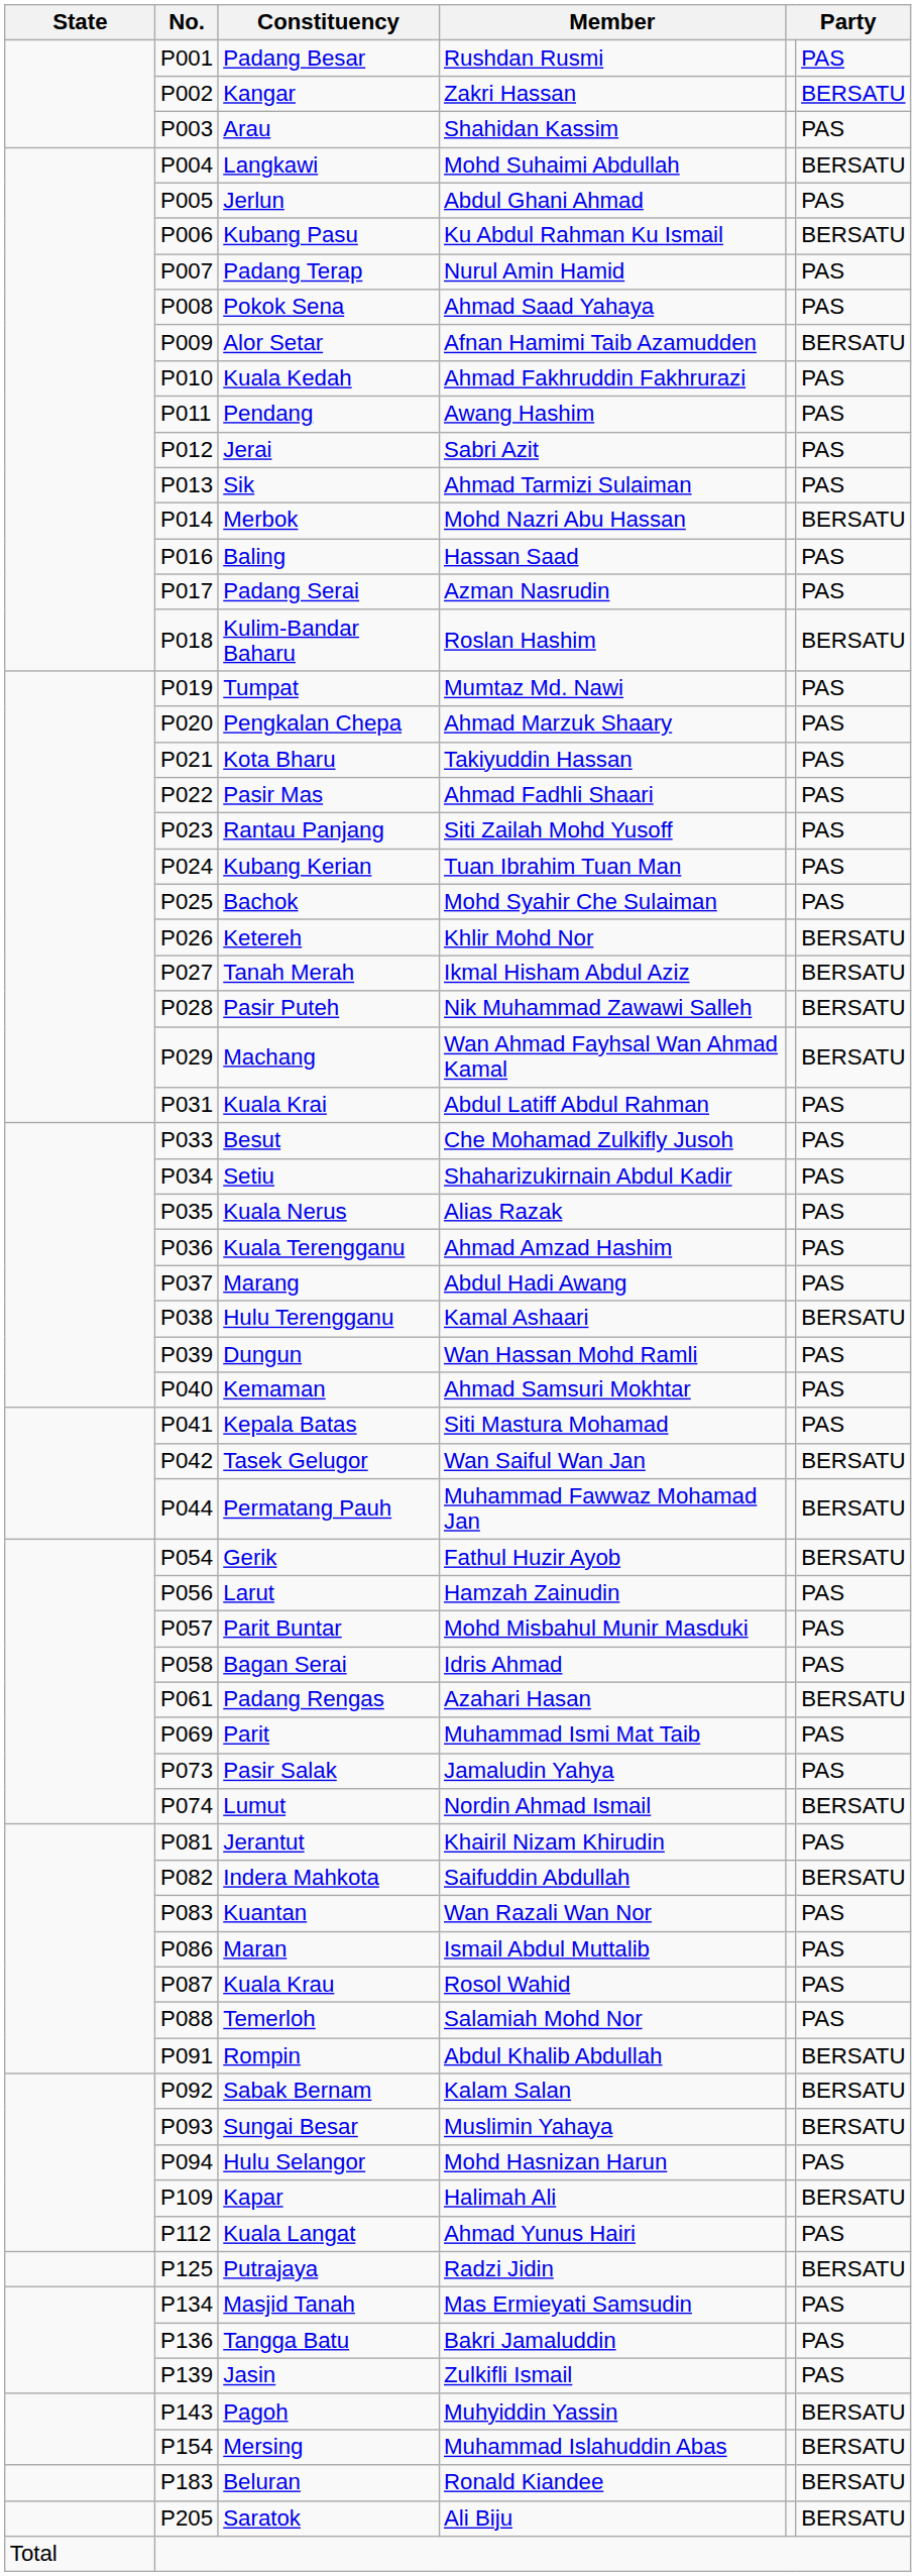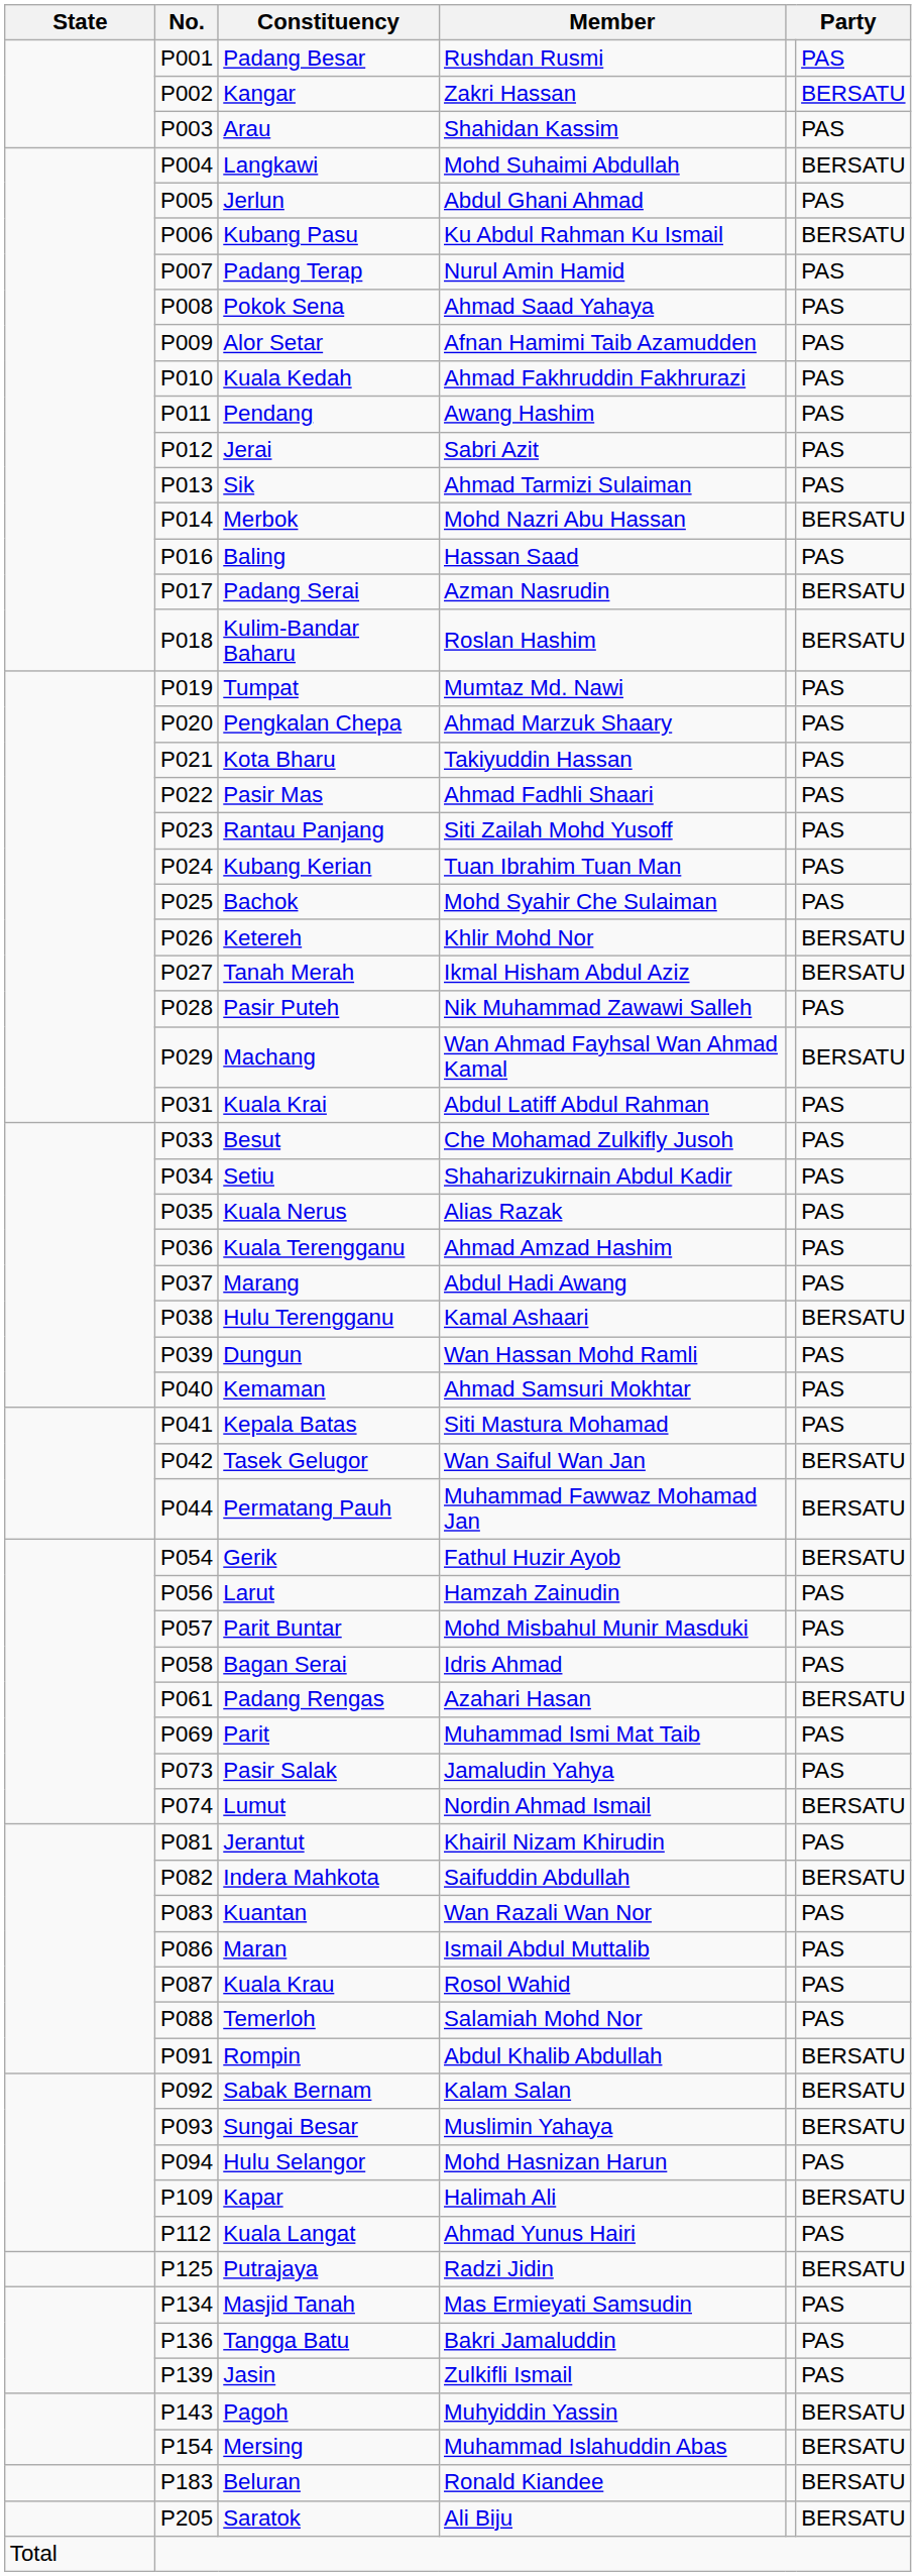 <table class ="wikitable sortable">
 <tr>
 <th style="width:100px;">State</th>
 <th style="width:30px;">No.</th>
 <th style="width:150px;">Constituency</th>
 <th style="width:240px;">Member</th>
 <th style="width:80px;" colspan=2>Party</th>
 </tr>
 <tr>
 <td rowspan=3></td>
 <td>P001</td>
 <td><a href='#'>Padang Besar</a></td>
 <td><a href='#'>Rushdan Rusmi</a></td>
 <td style="background:"></td>
 <td><a href='#'>PAS</a></td>
 </tr>
 <tr>
 <td>P002</td>
 <td><a href='#'>Kangar</a></td>
 <td><a href='#'>Zakri Hassan</a></td>
 <td style="background:"></td>
 <td><a href='#'>BERSATU</a></td>
 </tr>
 <tr>
 <td>P003</td>
 <td><a href='#'>Arau</a></td>
 <td><a href='#'>Shahidan Kassim</a></td>
 <td style="background:"></td>
 <td>PAS</td>
 </tr>
 <tr>
 <td rowspan=14></td>
 <td>P004</td>
 <td><a href='#'>Langkawi</a></td>
 <td><a href='#'>Mohd Suhaimi Abdullah</a></td>
 <td style="background:"></td>
 <td>BERSATU</td>
 </tr>
 <tr>
 <td>P005</td>
 <td><a href='#'>Jerlun</a></td>
 <td><a href='#'>Abdul Ghani Ahmad</a></td>
 <td style="background:"></td>
 <td>PAS</td>
 </tr>
 <tr>
 <td>P006</td>
 <td><a href='#'>Kubang Pasu</a></td>
 <td><a href='#'>Ku Abdul Rahman Ku Ismail</a></td>
 <td style="background:"></td>
 <td>BERSATU</td>
 </tr>
 <tr>
 <td>P007</td>
 <td><a href='#'>Padang Terap</a></td>
 <td><a href='#'>Nurul Amin Hamid</a></td>
 <td style="background:"></td>
 <td>PAS</td>
 </tr>
 <tr>
 <td>P008</td>
 <td><a href='#'>Pokok Sena</a></td>
 <td><a href='#'>Ahmad Saad Yahaya</a></td>
 <td style="background:"></td>
 <td>PAS</td>
 </tr>
 <tr>
 <td>P009</td>
 <td><a href='#'>Alor Setar</a></td>
 <td><a href='#'>Afnan Hamimi Taib Azamudden</a></td>
 <td style="background:"></td>
-<td>BERSATU</td>
+<td>PAS</td>
 </tr>
 <tr>
 <td>P010</td>
 <td><a href='#'>Kuala Kedah</a></td>
 <td><a href='#'>Ahmad Fakhruddin Fakhrurazi</a></td>
 <td style="background:"></td>
 <td>PAS</td>
 </tr>
 <tr>
 <td>P011</td>
 <td><a href='#'>Pendang</a></td>
 <td><a href='#'>Awang Hashim</a></td>
 <td style="background:"></td>
 <td>PAS</td>
 </tr>
 <tr>
 <td>P012</td>
 <td><a href='#'>Jerai</a></td>
 <td><a href='#'>Sabri Azit</a></td>
 <td style="background:"></td>
 <td>PAS</td>
 </tr>
 <tr>
 <td>P013</td>
 <td><a href='#'>Sik</a></td>
 <td><a href='#'>Ahmad Tarmizi Sulaiman</a></td>
 <td style="background:"></td>
 <td>PAS</td>
 </tr>
 <tr>
 <td>P014</td>
 <td><a href='#'>Merbok</a></td>
 <td><a href='#'>Mohd Nazri Abu Hassan</a></td>
 <td style="background:"></td>
 <td>BERSATU</td>
 </tr>
 <tr>
 <td>P016</td>
 <td><a href='#'>Baling</a></td>
 <td><a href='#'>Hassan Saad</a></td>
 <td style="background:"></td>
 <td>PAS</td>
 </tr>
 <tr>
 <td>P017</td>
 <td><a href='#'>Padang Serai</a></td>
 <td><a href='#'>Azman Nasrudin</a></td>
 <td style="background:"></td>
-<td>PAS</td>
+<td>BERSATU</td>
 </tr>
 <tr>
 <td>P018</td>
 <td><a href='#'>Kulim-Bandar Baharu</a></td>
 <td><a href='#'>Roslan Hashim</a></td>
 <td style="background:"></td>
 <td>BERSATU</td>
 </tr>
 <tr>
 <td rowspan=12></td>
 <td>P019</td>
 <td><a href='#'>Tumpat</a></td>
 <td><a href='#'>Mumtaz Md. Nawi</a></td>
 <td style="background:"></td>
 <td>PAS</td>
 </tr>
 <tr>
 <td>P020</td>
 <td><a href='#'>Pengkalan Chepa</a></td>
 <td><a href='#'>Ahmad Marzuk Shaary</a></td>
 <td style="background:"></td>
 <td>PAS</td>
 </tr>
 <tr>
 <td>P021</td>
 <td><a href='#'>Kota Bharu</a></td>
 <td><a href='#'>Takiyuddin Hassan</a></td>
 <td style="background:"></td>
 <td>PAS</td>
 </tr>
 <tr>
 <td>P022</td>
 <td><a href='#'>Pasir Mas</a></td>
 <td><a href='#'>Ahmad Fadhli Shaari</a></td>
 <td style="background:"></td>
 <td>PAS</td>
 </tr>
 <tr>
 <td>P023</td>
 <td><a href='#'>Rantau Panjang</a></td>
 <td><a href='#'>Siti Zailah Mohd Yusoff</a></td>
 <td style="background:"></td>
 <td>PAS</td>
 </tr>
 <tr>
 <td>P024</td>
 <td><a href='#'>Kubang Kerian</a></td>
 <td><a href='#'>Tuan Ibrahim Tuan Man</a></td>
 <td style="background:"></td>
 <td>PAS</td>
 </tr>
 <tr>
 <td>P025</td>
 <td><a href='#'>Bachok</a></td>
 <td><a href='#'>Mohd Syahir Che Sulaiman</a></td>
 <td style="background:"></td>
 <td>PAS</td>
 </tr>
 <tr>
 <td>P026</td>
 <td><a href='#'>Ketereh</a></td>
 <td><a href='#'>Khlir Mohd Nor</a></td>
 <td style="background:"></td>
 <td>BERSATU</td>
 </tr>
 <tr>
 <td>P027</td>
 <td><a href='#'>Tanah Merah</a></td>
 <td><a href='#'>Ikmal Hisham Abdul Aziz</a></td>
 <td style="background:"></td>
 <td>BERSATU</td>
 </tr>
 <tr>
 <td>P028</td>
 <td><a href='#'>Pasir Puteh</a></td>
 <td><a href='#'>Nik Muhammad Zawawi Salleh</a></td>
 <td style="background:"></td>
-<td>BERSATU</td>
+<td>PAS</td>
 </tr>
 <tr>
 <td>P029</td>
 <td><a href='#'>Machang</a></td>
 <td><a href='#'>Wan Ahmad Fayhsal Wan Ahmad Kamal</a></td>
 <td style="background:"></td>
 <td>BERSATU</td>
 </tr>
 <tr>
 <td>P031</td>
 <td><a href='#'>Kuala Krai</a></td>
 <td><a href='#'>Abdul Latiff Abdul Rahman</a></td>
 <td style="background:"></td>
 <td>PAS</td>
 </tr>
 <tr>
 <td rowspan=8></td>
 <td>P033</td>
 <td><a href='#'>Besut</a></td>
 <td><a href='#'>Che Mohamad Zulkifly Jusoh</a></td>
 <td style="background:"></td>
 <td>PAS</td>
 </tr>
 <tr>
 <td>P034</td>
 <td><a href='#'>Setiu</a></td>
 <td><a href='#'>Shaharizukirnain Abdul Kadir</a></td>
 <td style="background:"></td>
 <td>PAS</td>
 </tr>
 <tr>
 <td>P035</td>
 <td><a href='#'>Kuala Nerus</a></td>
 <td><a href='#'>Alias Razak</a></td>
 <td style="background:"></td>
 <td>PAS</td>
 </tr>
 <tr>
 <td>P036</td>
 <td><a href='#'>Kuala Terengganu</a></td>
 <td><a href='#'>Ahmad Amzad Hashim</a></td>
 <td style="background:"></td>
 <td>PAS</td>
 </tr>
 <tr>
 <td>P037</td>
 <td><a href='#'>Marang</a></td>
 <td><a href='#'>Abdul Hadi Awang</a></td>
 <td style="background:"></td>
 <td>PAS</td>
 </tr>
 <tr>
 <td>P038</td>
 <td><a href='#'>Hulu Terengganu</a></td>
 <td><a href='#'>Kamal Ashaari</a></td>
 <td style="background:"></td>
 <td>BERSATU</td>
 </tr>
 <tr>
 <td>P039</td>
 <td><a href='#'>Dungun</a></td>
 <td><a href='#'>Wan Hassan Mohd Ramli</a></td>
 <td style="background:"></td>
 <td>PAS</td>
 </tr>
 <tr>
 <td>P040</td>
 <td><a href='#'>Kemaman</a></td>
 <td><a href='#'>Ahmad Samsuri Mokhtar</a></td>
 <td style="background:"></td>
 <td>PAS</td>
 </tr>
 <tr>
 <td rowspan=3></td>
 <td>P041</td>
 <td><a href='#'>Kepala Batas</a></td>
 <td><a href='#'>Siti Mastura Mohamad</a></td>
 <td style="background:"></td>
 <td>PAS</td>
 </tr>
 <tr>
 <td>P042</td>
 <td><a href='#'>Tasek Gelugor</a></td>
 <td><a href='#'>Wan Saiful Wan Jan</a></td>
 <td style="background:"></td>
 <td>BERSATU</td>
 </tr>
 <tr>
 <td>P044</td>
 <td><a href='#'>Permatang Pauh</a></td>
 <td><a href='#'>Muhammad Fawwaz Mohamad Jan</a></td>
 <td style="background:"></td>
 <td>BERSATU</td>
 </tr>
 <tr>
 <td rowspan=8></td>
 <td>P054</td>
 <td><a href='#'>Gerik</a></td>
 <td><a href='#'>Fathul Huzir Ayob</a></td>
 <td style="background:"></td>
 <td>BERSATU</td>
 </tr>
 <tr>
 <td>P056</td>
 <td><a href='#'>Larut</a></td>
 <td><a href='#'>Hamzah Zainudin</a></td>
 <td style="background:"></td>
 <td>PAS</td>
 </tr>
 <tr>
 <td>P057</td>
 <td><a href='#'>Parit Buntar</a></td>
 <td><a href='#'>Mohd Misbahul Munir Masduki</a></td>
 <td style="background:"></td>
 <td>PAS</td>
 </tr>
 <tr>
 <td>P058</td>
 <td><a href='#'>Bagan Serai</a></td>
 <td><a href='#'>Idris Ahmad</a></td>
 <td style="background:"></td>
 <td>PAS</td>
 </tr>
 <tr>
 <td>P061</td>
 <td><a href='#'>Padang Rengas</a></td>
 <td><a href='#'>Azahari Hasan</a></td>
 <td style="background:"></td>
 <td>BERSATU</td>
 </tr>
 <tr>
 <td>P069</td>
 <td><a href='#'>Parit</a></td>
 <td><a href='#'>Muhammad Ismi Mat Taib</a></td>
 <td style="background:"></td>
 <td>PAS</td>
 </tr>
 <tr>
 <td>P073</td>
 <td><a href='#'>Pasir Salak</a></td>
 <td><a href='#'>Jamaludin Yahya</a></td>
 <td style="background:"></td>
 <td>PAS</td>
 </tr>
 <tr>
 <td>P074</td>
 <td><a href='#'>Lumut</a></td>
 <td><a href='#'>Nordin Ahmad Ismail</a></td>
 <td style="background:"></td>
 <td>BERSATU</td>
 </tr>
 <tr>
 <td rowspan=7></td>
 <td>P081</td>
 <td><a href='#'>Jerantut</a></td>
 <td><a href='#'>Khairil Nizam Khirudin</a></td>
 <td style="background:"></td>
 <td>PAS</td>
 </tr>
 <tr>
 <td>P082</td>
 <td><a href='#'>Indera Mahkota</a></td>
 <td><a href='#'>Saifuddin Abdullah</a></td>
 <td style="background:"></td>
 <td>BERSATU</td>
 </tr>
 <tr>
 <td>P083</td>
 <td><a href='#'>Kuantan</a></td>
 <td><a href='#'>Wan Razali Wan Nor</a></td>
 <td style="background:"></td>
 <td>PAS</td>
 </tr>
 <tr>
 <td>P086</td>
 <td><a href='#'>Maran</a></td>
 <td><a href='#'>Ismail Abdul Muttalib</a></td>
 <td style="background:"></td>
 <td>PAS</td>
 </tr>
 <tr>
 <td>P087</td>
 <td><a href='#'>Kuala Krau</a></td>
 <td><a href='#'>Rosol Wahid</a></td>
 <td style="background:"></td>
 <td>PAS</td>
 </tr>
 <tr>
 <td>P088</td>
 <td><a href='#'>Temerloh</a></td>
 <td><a href='#'>Salamiah Mohd Nor</a></td>
 <td style="background:"></td>
 <td>PAS</td>
 </tr>
 <tr>
 <td>P091</td>
 <td><a href='#'>Rompin</a></td>
 <td><a href='#'>Abdul Khalib Abdullah</a></td>
 <td style="background:"></td>
 <td>BERSATU</td>
 </tr>
 <tr>
 <td rowspan="5"></td>
 <td>P092</td>
 <td><a href='#'>Sabak Bernam</a></td>
 <td><a href='#'>Kalam Salan</a></td>
 <td style="background:"></td>
 <td>BERSATU</td>
 </tr>
 <tr>
 <td>P093</td>
 <td><a href='#'>Sungai Besar</a></td>
 <td><a href='#'>Muslimin Yahaya</a></td>
 <td style="background:"></td>
 <td>BERSATU</td>
 </tr>
 <tr>
 <td>P094</td>
 <td><a href='#'>Hulu Selangor</a></td>
 <td><a href='#'>Mohd Hasnizan Harun</a></td>
 <td style="background:"></td>
 <td>PAS</td>
 </tr>
 <tr>
 <td>P109</td>
 <td><a href='#'>Kapar</a></td>
 <td><a href='#'>Halimah Ali</a></td>
 <td style="background:"></td>
 <td>BERSATU</td>
 </tr>
 <tr>
 <td>P112</td>
 <td><a href='#'>Kuala Langat</a></td>
 <td><a href='#'>Ahmad Yunus Hairi</a></td>
 <td style="background:"></td>
 <td>PAS</td>
 </tr>
 <tr>
 <td rowspan=1></td>
 <td>P125</td>
 <td><a href='#'>Putrajaya</a></td>
 <td><a href='#'>Radzi Jidin</a></td>
 <td style="background:"></td>
 <td>BERSATU</td>
 </tr>
 <tr>
 <td rowspan=3></td>
 <td>P134</td>
 <td><a href='#'>Masjid Tanah</a></td>
 <td><a href='#'>Mas Ermieyati Samsudin</a></td>
 <td style="background:"></td>
 <td>PAS</td>
 </tr>
 <tr>
 <td>P136</td>
 <td><a href='#'>Tangga Batu</a></td>
 <td><a href='#'>Bakri Jamaluddin</a></td>
 <td style="background:"></td>
 <td>PAS</td>
 </tr>
 <tr>
 <td>P139</td>
 <td><a href='#'>Jasin</a></td>
 <td><a href='#'>Zulkifli Ismail</a></td>
 <td style="background:"></td>
 <td>PAS</td>
 </tr>
 <tr>
 <td rowspan="2"></td>
 <td>P143</td>
 <td><a href='#'>Pagoh</a></td>
 <td><a href='#'>Muhyiddin Yassin</a></td>
 <td style="background:"></td>
 <td>BERSATU</td>
 </tr>
 <tr>
 <td>P154</td>
 <td><a href='#'>Mersing</a></td>
 <td><a href='#'>Muhammad Islahuddin Abas</a></td>
 <td style="background:"></td>
 <td>BERSATU</td>
 </tr>
 <tr>
 <td rowspan=1></td>
 <td>P183</td>
 <td><a href='#'>Beluran</a></td>
 <td><a href='#'>Ronald Kiandee</a></td>
 <td style="background:"></td>
 <td>BERSATU</td>
 </tr>
 <tr>
 <td rowspan="1"></td>
 <td>P205</td>
 <td><a href='#'>Saratok</a></td>
 <td><a href='#'>Ali Biju</a></td>
 <td style="background:"></td>
 <td>BERSATU</td>
 </tr>
 <tr>
 <td>Total</td>
 <td style="width:30px;" colspan=6></td>
 </tr>
 </table>
